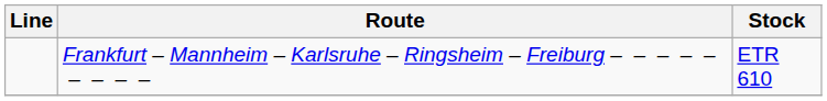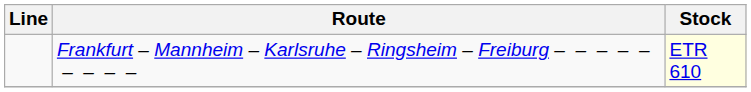 <table class="wikitable" width="100%">
 <tr class="hintergrundfarbe5">
 <th>Line</th>
 <th>Route</th>
 <th>Stock</th>
 </tr>
 <tr>
 <td></td>
 <td><em><a href='#'>Frankfurt</a> – <a href='#'>Mannheim</a> – <a href='#'>Karlsruhe</a> – <a href='#'>Ringsheim</a> – <a href='#'>Freiburg</a> –    –  –  –  –  –  –  –  – </em></td>
-<td><a href='#'>ETR 610</a></td>
+<td style="background: lightyellow;"><a href='#'>ETR 610</a></td>
 </tr>
 <tr>
 </tr>
 </table>
